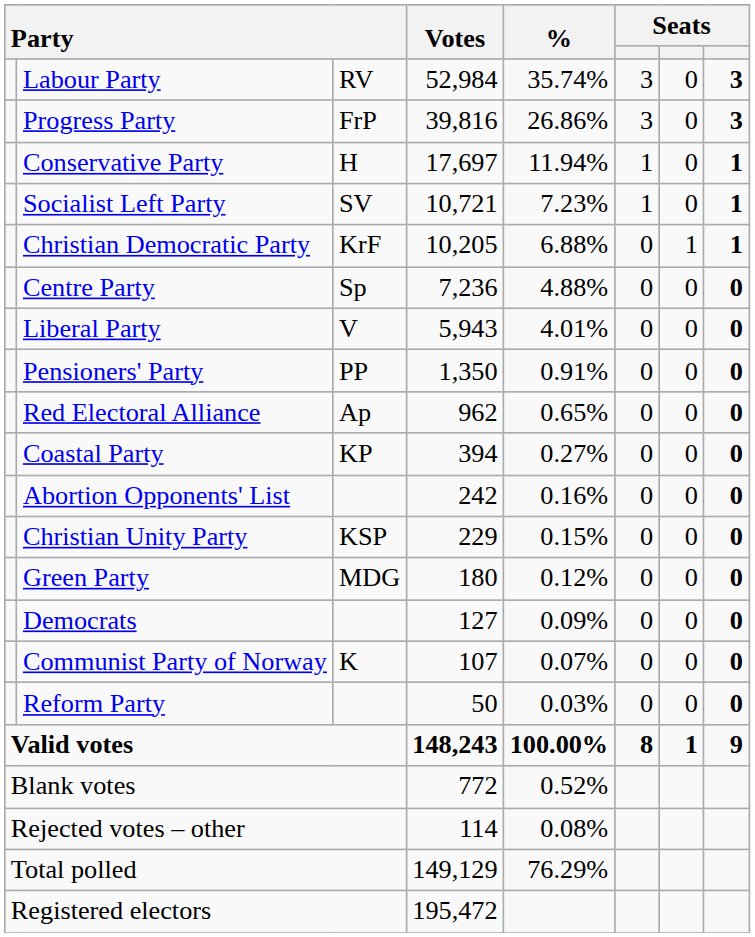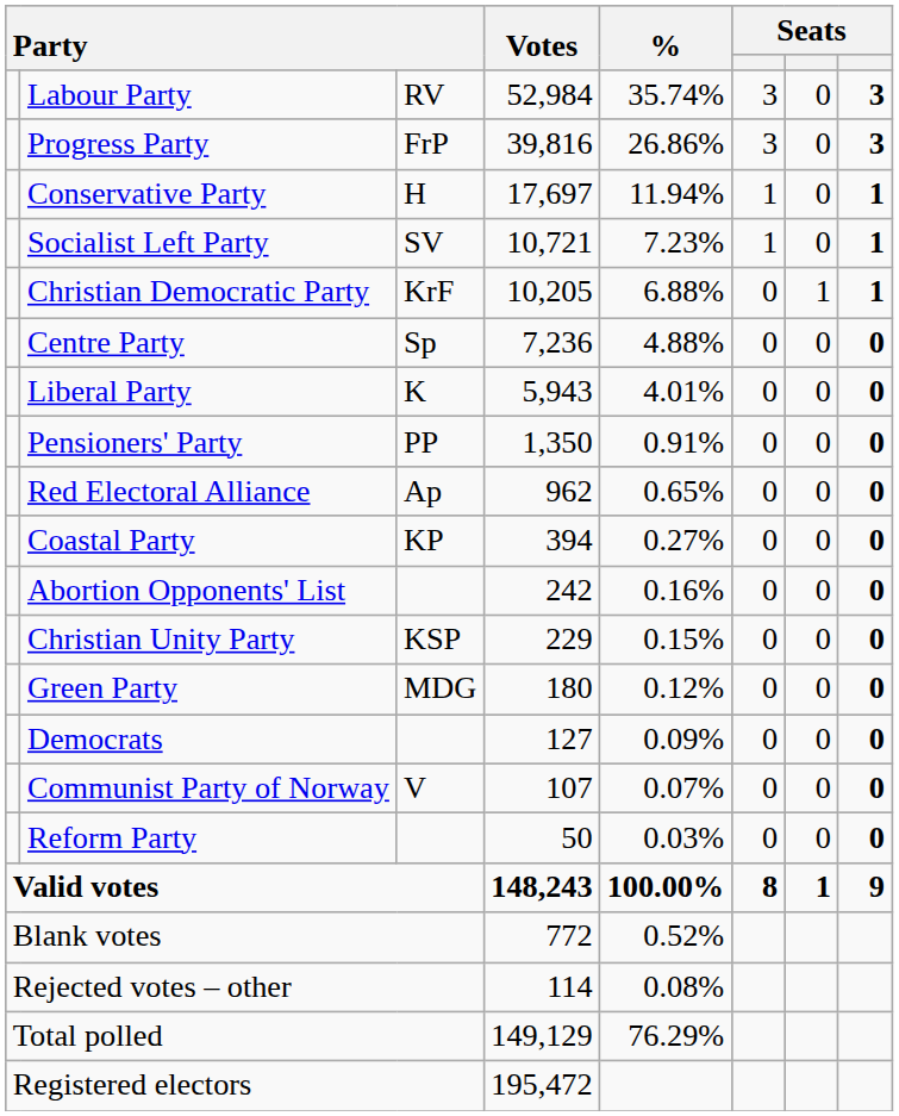 <table class="wikitable" border="1" style="text-align:right;">
 <tr>
 <th style="text-align:left;" valign=bottom rowspan=2 colspan=3>Party</th>
 <th align=center valign=bottom rowspan=2 width="50">Votes</th>
 <th align=center valign=bottom rowspan=2 width="50">%</th>
 <th colspan=3>Seats</th>
 </tr>
 <tr>
 <th align=center valign=bottom width="20"><small></small></th>
 <th align=center valign=bottom width="20"><small><a href='#'></a></small></th>
 <th align=center valign=bottom width="20"><small></small></th>
 </tr>
 <tr>
 <td style="color:inherit;background:"></td>
 <td align=left><a href='#'>Labour Party</a></td>
 <td align=left>RV</td>
 <td>52,984</td>
 <td>35.74%</td>
 <td>3</td>
 <td>0</td>
 <td><strong>3</strong></td>
 </tr>
 <tr>
 <td style="color:inherit;background:"></td>
 <td align=left><a href='#'>Progress Party</a></td>
 <td align=left>FrP</td>
 <td>39,816</td>
 <td>26.86%</td>
 <td>3</td>
 <td>0</td>
 <td><strong>3</strong></td>
 </tr>
 <tr>
 <td style="color:inherit;background:"></td>
 <td align=left><a href='#'>Conservative Party</a></td>
 <td align=left>H</td>
 <td>17,697</td>
 <td>11.94%</td>
 <td>1</td>
 <td>0</td>
 <td><strong>1</strong></td>
 </tr>
 <tr>
 <td style="color:inherit;background:"></td>
 <td align=left><a href='#'>Socialist Left Party</a></td>
 <td align=left>SV</td>
 <td>10,721</td>
 <td>7.23%</td>
 <td>1</td>
 <td>0</td>
 <td><strong>1</strong></td>
 </tr>
 <tr>
 <td style="color:inherit;background:"></td>
 <td align=left><a href='#'>Christian Democratic Party</a></td>
 <td align=left>KrF</td>
 <td>10,205</td>
 <td>6.88%</td>
 <td>0</td>
 <td>1</td>
 <td><strong>1</strong></td>
 </tr>
 <tr>
 <td style="color:inherit;background:"></td>
 <td align=left><a href='#'>Centre Party</a></td>
 <td align=left>Sp</td>
 <td>7,236</td>
 <td>4.88%</td>
 <td>0</td>
 <td>0</td>
 <td><strong>0</strong></td>
 </tr>
 <tr>
 <td style="color:inherit;background:"></td>
 <td align=left><a href='#'>Liberal Party</a></td>
-<td align=left>V</td>
+<td align=left>K</td>
 <td>5,943</td>
 <td>4.01%</td>
 <td>0</td>
 <td>0</td>
 <td><strong>0</strong></td>
 </tr>
 <tr>
 <td style="color:inherit;background:"></td>
 <td align=left><a href='#'>Pensioners' Party</a></td>
 <td align=left>PP</td>
 <td>1,350</td>
 <td>0.91%</td>
 <td>0</td>
 <td>0</td>
 <td><strong>0</strong></td>
 </tr>
 <tr>
 <td style="color:inherit;background:"></td>
 <td align=left><a href='#'>Red Electoral Alliance</a></td>
 <td align=left>Ap</td>
 <td>962</td>
 <td>0.65%</td>
 <td>0</td>
 <td>0</td>
 <td><strong>0</strong></td>
 </tr>
 <tr>
 <td style="color:inherit;background:"></td>
 <td align=left><a href='#'>Coastal Party</a></td>
 <td align=left>KP</td>
 <td>394</td>
 <td>0.27%</td>
 <td>0</td>
 <td>0</td>
 <td><strong>0</strong></td>
 </tr>
 <tr>
 <td></td>
 <td align=left><a href='#'>Abortion Opponents' List</a></td>
 <td align=left></td>
 <td>242</td>
 <td>0.16%</td>
 <td>0</td>
 <td>0</td>
 <td><strong>0</strong></td>
 </tr>
 <tr>
 <td style="color:inherit;background:"></td>
 <td align=left><a href='#'>Christian Unity Party</a></td>
 <td align=left>KSP</td>
 <td>229</td>
 <td>0.15%</td>
 <td>0</td>
 <td>0</td>
 <td><strong>0</strong></td>
 </tr>
 <tr>
 <td style="color:inherit;background:"></td>
 <td align=left><a href='#'>Green Party</a></td>
 <td align=left>MDG</td>
 <td>180</td>
 <td>0.12%</td>
 <td>0</td>
 <td>0</td>
 <td><strong>0</strong></td>
 </tr>
 <tr>
 <td style="color:inherit;background:"></td>
 <td align=left><a href='#'>Democrats</a></td>
 <td align=left></td>
 <td>127</td>
 <td>0.09%</td>
 <td>0</td>
 <td>0</td>
 <td><strong>0</strong></td>
 </tr>
 <tr>
 <td style="color:inherit;background:"></td>
 <td align=left><a href='#'>Communist Party of Norway</a></td>
-<td align=left>K</td>
+<td align=left>V</td>
 <td>107</td>
 <td>0.07%</td>
 <td>0</td>
 <td>0</td>
 <td><strong>0</strong></td>
 </tr>
 <tr>
 <td></td>
 <td align=left><a href='#'>Reform Party</a></td>
 <td align=left></td>
 <td>50</td>
 <td>0.03%</td>
 <td>0</td>
 <td>0</td>
 <td><strong>0</strong></td>
 </tr>
 <tr style="font-weight:bold">
 <td align=left colspan=3>Valid votes</td>
 <td>148,243</td>
 <td>100.00%</td>
 <td>8</td>
 <td>1</td>
 <td>9</td>
 </tr>
 <tr>
 <td align=left colspan=3>Blank votes</td>
 <td>772</td>
 <td>0.52%</td>
 <td></td>
 <td></td>
 <td></td>
 </tr>
 <tr>
 <td align=left colspan=3>Rejected votes – other</td>
 <td>114</td>
 <td>0.08%</td>
 <td></td>
 <td></td>
 <td></td>
 </tr>
 <tr>
 <td align=left colspan=3>Total polled</td>
 <td>149,129</td>
 <td>76.29%</td>
 <td></td>
 <td></td>
 <td></td>
 </tr>
 <tr>
 <td align=left colspan=3>Registered electors</td>
 <td>195,472</td>
 <td></td>
 <td></td>
 <td></td>
 <td></td>
 </tr>
 </table>
